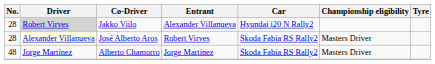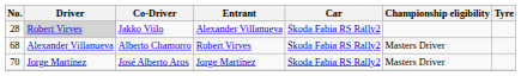 <table class="wikitable" style="font-size: 85%;">
 <tr>
 <th>No.</th>
 <th>Driver</th>
 <th>Co-Driver</th>
 <th>Entrant</th>
 <th>Car</th>
 <th>Championship eligibility</th>
 <th>Tyre</th>
 </tr>
 <tr>
 <td align="center">28</td>
 <td style="background: lightgrey;"> <a href='#'>Robert Virves</a></td>
 <td> <a href='#'>Jakko Viilo</a></td>
 <td> <a href='#'>Alexander Villanueva</a></td>
-<td><a href='#'>Hyundai i20 N Rally2</a></td>
+<td><a href='#'>Škoda Fabia RS Rally2</a></td>
 <td></td>
 <td align="center"></td>
 </tr>
 <tr>
-<td align="center">28</td>
-<td style="background: lightyellow;"> <a href='#'>Alexander Villanueva</a></td>
-<td> <a href='#'>José Alberto Aros</a></td>
+<td align="center">68</td>
+<td> <a href='#'>Alexander Villanueva</a></td>
+<td> <a href='#'>Alberto Chamorro</a></td>
 <td> <a href='#'>Robert Virves</a></td>
 <td><a href='#'>Škoda Fabia RS Rally2</a></td>
 <td>Masters Driver</td>
 <td align="center"></td>
 </tr>
 <tr>
-<td align="center">48</td>
+<td align="center">70</td>
 <td> <a href='#'>Jorge Martínez</a></td>
-<td> <a href='#'>Alberto Chamorro</a></td>
+<td> <a href='#'>José Alberto Aros</a></td>
 <td> <a href='#'>Jorge Martínez</a></td>
 <td><a href='#'>Škoda Fabia RS Rally2</a></td>
 <td>Masters Driver</td>
 <td align="center"></td>
 </tr>
 <tr>
 </tr>
 </table>
